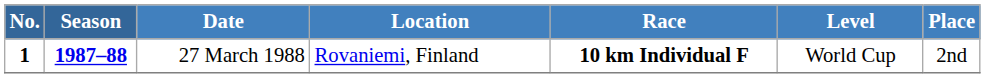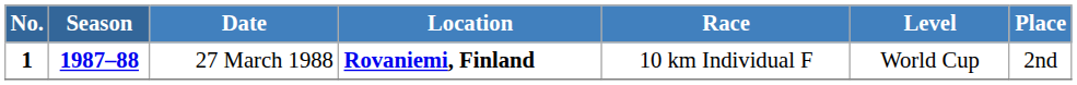 <table class="wikitable sortable" style="font-size:95%; text-align:center; border:grey solid 1px; border-collapse:collapse; background:#ffffff;">
 <tr style="background:#efefef;">
 <th style="background-color:#369; color:white;">No.</th>
 <th style="background-color:#369; color:white;">Season</th>
 <th style="background-color:#4180be; color:white; width:120px;">Date</th>
 <th style="background-color:#4180be; color:white; width:170px;">Location</th>
 <th style="background-color:#4180be; color:white; width:160px;">Race</th>
 <th style="background-color:#4180be; color:white; width:100px;">Level</th>
 <th style="background-color:#4180be; color:white;">Place</th>
 </tr>
 <tr>
 <td align=center><strong>1</strong></td>
 <td rowspan=1 align=center><strong> <a href='#'>1987–88</a> </strong></td>
 <td align=right>27 March 1988</td>
-<td align=left> <a href='#'>Rovaniemi</a>, Finland</td>
-<td><strong>10 km Individual F</strong></td>
+<td align=left><strong> <a href='#'>Rovaniemi</a>, Finland</strong></td>
+<td>10 km Individual F</td>
 <td>World Cup</td>
 <td>2nd</td>
 </tr>
 <tr>
 </tr>
 </table>
